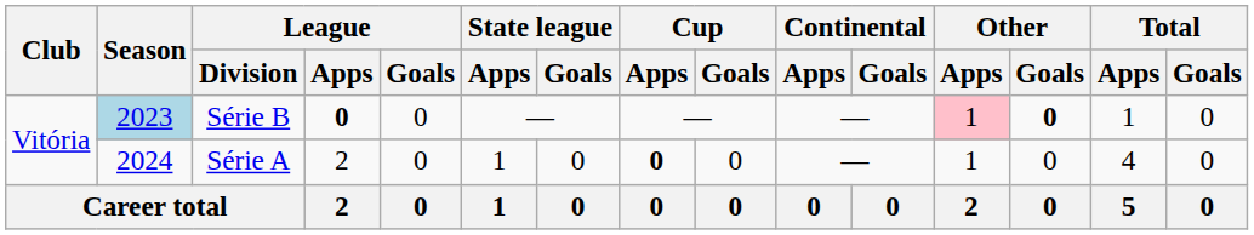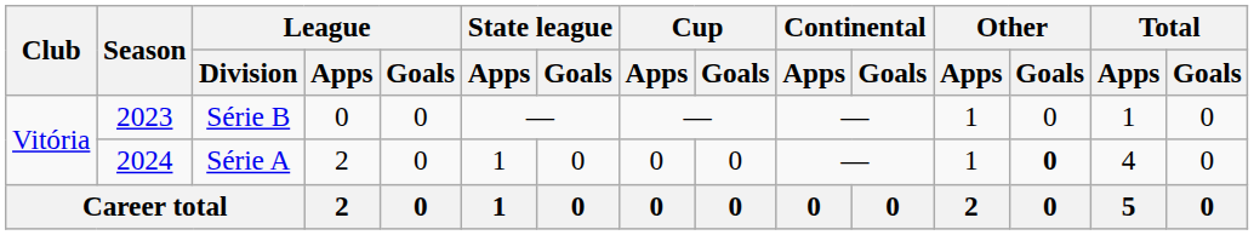 <table class="wikitable" style="text-align: center;">
 <tr>
 <th rowspan="2">Club</th>
 <th rowspan="2">Season</th>
 <th colspan="3">League</th>
 <th colspan="2">State league</th>
 <th colspan="2">Cup</th>
 <th colspan="2">Continental</th>
 <th colspan="2">Other</th>
 <th colspan="2">Total</th>
 </tr>
 <tr>
 <th>Division</th>
 <th>Apps</th>
 <th>Goals</th>
 <th>Apps</th>
 <th>Goals</th>
 <th>Apps</th>
 <th>Goals</th>
 <th>Apps</th>
 <th>Goals</th>
 <th>Apps</th>
 <th>Goals</th>
 <th>Apps</th>
 <th>Goals</th>
 </tr>
 <tr>
 <td rowspan="2" valign="center"><a href='#'>Vitória</a></td>
-<td style="background: lightblue;"><a href='#'>2023</a></td>
+<td><a href='#'>2023</a></td>
 <td><a href='#'>Série B</a></td>
-<td><strong>0</strong></td>
+<td>0</td>
 <td>0</td>
 <td colspan="2">—</td>
 <td colspan="2">—</td>
 <td colspan="2">—</td>
-<td style="background: pink;">1</td>
-<td><strong>0</strong></td>
+<td>1</td>
+<td>0</td>
 <td>1</td>
 <td>0</td>
 </tr>
 <tr>
 <td><a href='#'>2024</a></td>
 <td><a href='#'>Série A</a></td>
 <td>2</td>
 <td>0</td>
 <td>1</td>
 <td>0</td>
-<td><strong>0</strong></td>
+<td>0</td>
 <td>0</td>
 <td colspan="2">—</td>
 <td>1</td>
-<td>0</td>
+<td><strong>0</strong></td>
 <td>4</td>
 <td>0</td>
 </tr>
 <tr>
 <th colspan="3"><strong>Career total</strong></th>
 <th>2</th>
 <th>0</th>
 <th>1</th>
 <th>0</th>
 <th>0</th>
 <th>0</th>
 <th>0</th>
 <th>0</th>
 <th>2</th>
 <th>0</th>
 <th>5</th>
 <th>0</th>
 </tr>
 </table>
